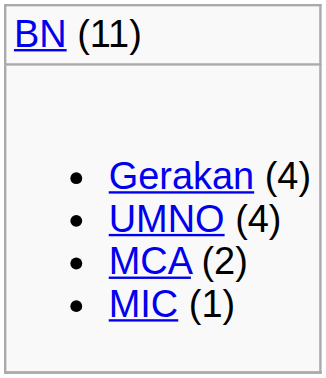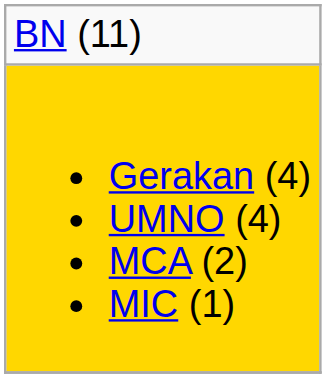 <table class="wikitable">
 <tr>
 <td> <a href='#'>BN</a> (11)</td>
 </tr>
 <tr>
-<td><br><ul><li> <a href='#'>Gerakan</a> (4)</li><li> <a href='#'>UMNO</a> (4)</li><li> <a href='#'>MCA</a> (2)</li><li> <a href='#'>MIC</a> (1)</li></ul></td>
+<td style="background: gold;"><br><ul><li> <a href='#'>Gerakan</a> (4)</li><li> <a href='#'>UMNO</a> (4)</li><li> <a href='#'>MCA</a> (2)</li><li> <a href='#'>MIC</a> (1)</li></ul></td>
 </tr>
 <tr>
 </tr>
 </table>
